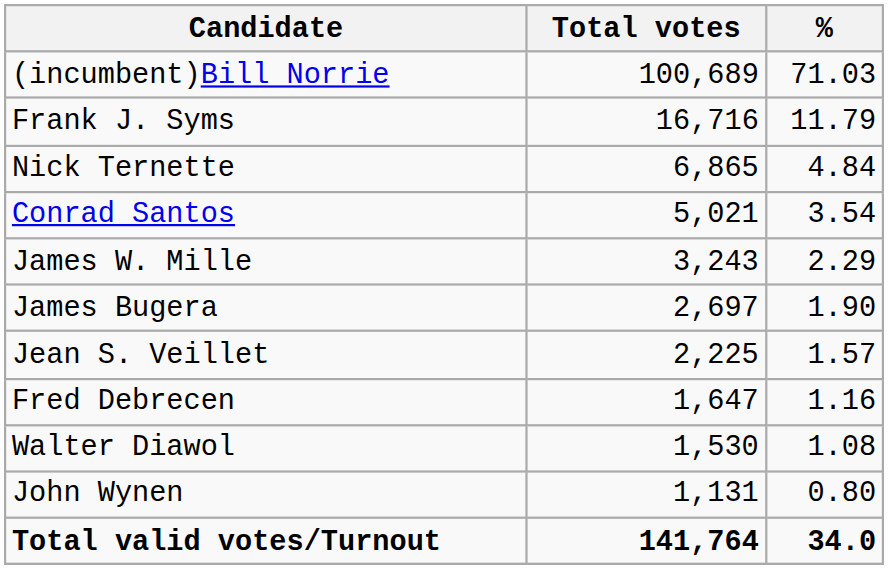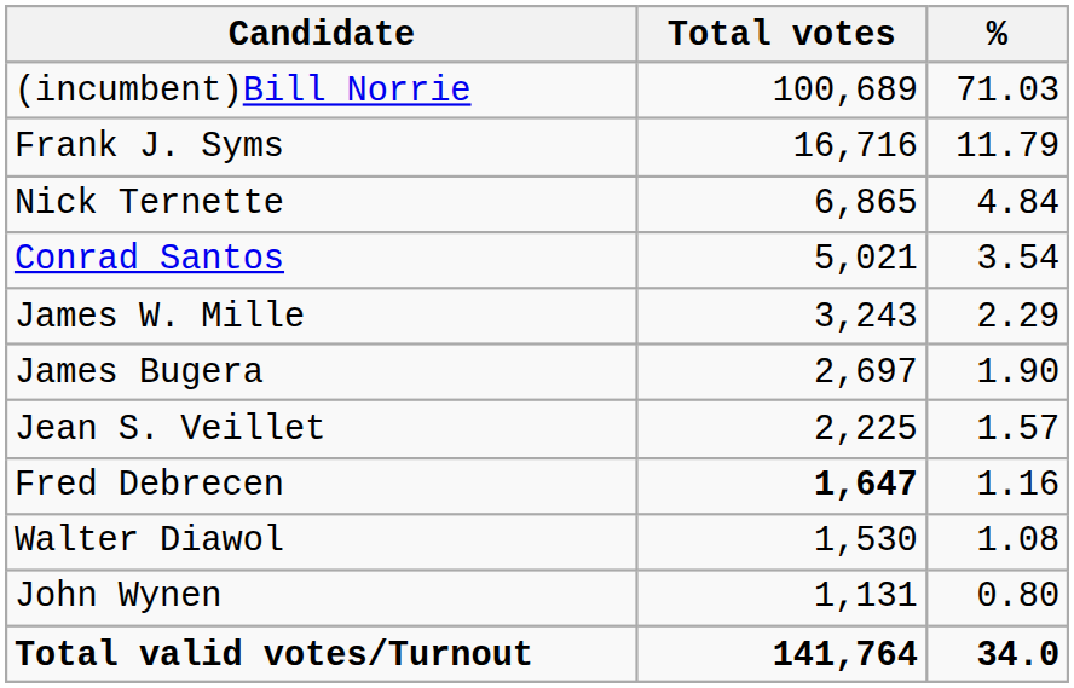 <table class="wikitable" width="400">
 <tr>
 <th align="left">Candidate</th>
 <th align="right">Total votes</th>
 <th align="right">%</th>
 </tr>
 <tr>
 <td align="left">(incumbent)<a href='#'>Bill Norrie</a></td>
 <td align="right">100,689</td>
 <td align="right">71.03</td>
 </tr>
 <tr>
 <td align="left">Frank J. Syms</td>
 <td align="right">16,716</td>
 <td align="right">11.79</td>
 </tr>
 <tr>
 <td align="left">Nick Ternette</td>
 <td align="right">6,865</td>
 <td align="right">4.84</td>
 </tr>
 <tr>
 <td align="left"><a href='#'>Conrad Santos</a></td>
 <td align="right">5,021</td>
 <td align="right">3.54</td>
 </tr>
 <tr>
 <td align="left">James W. Mille</td>
 <td align="right">3,243</td>
 <td align="right">2.29</td>
 </tr>
 <tr>
 <td align="left">James Bugera</td>
 <td align="right">2,697</td>
 <td align="right">1.90</td>
 </tr>
 <tr>
 <td align="left">Jean S. Veillet</td>
 <td align="right">2,225</td>
 <td align="right">1.57</td>
 </tr>
 <tr>
 <td align="left">Fred Debrecen</td>
-<td align="right">1,647</td>
+<td align="right"><strong>1,647</strong></td>
 <td align="right">1.16</td>
 </tr>
 <tr>
 <td align="left">Walter Diawol</td>
 <td align="right">1,530</td>
 <td align="right">1.08</td>
 </tr>
 <tr>
 <td align="left">John Wynen</td>
 <td align="right">1,131</td>
 <td align="right">0.80</td>
 </tr>
 <tr>
 <td align="left"><strong>Total valid votes/Turnout</strong></td>
 <td align="right"><strong>141,764</strong></td>
 <td align="right"><strong>34.0</strong></td>
 </tr>
 <tr>
 </tr>
 </table>
